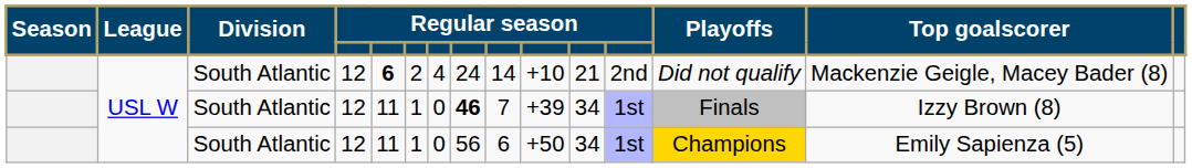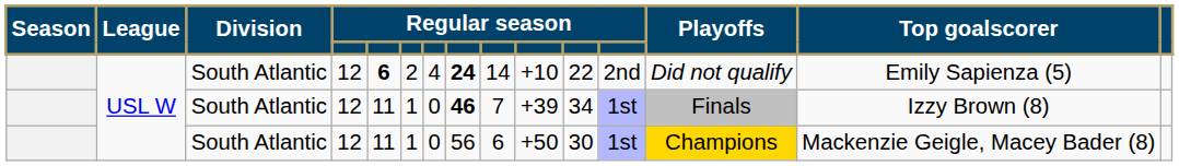 <table class="wikitable" style="text-align:center;">
 <tr>
 <th rowspan=2 style="background-color:#01426A; color:#fff; border:2px solid #B9A36A;" scope="col">Season</th>
 <th rowspan=2 style="background-color:#01426A; color:#fff; border:2px solid #B9A36A;" scope="col">League</th>
 <th rowspan=2 style="background-color:#01426A; color:#fff; border:2px solid #B9A36A;" scope="col">Division</th>
 <th colspan=9 style="background-color:#01426A; color:#fff; border:2px solid #B9A36A;" scope="colgroup">Regular season</th>
 <th rowspan=2 style="background-color:#01426A; color:#fff; border:2px solid #B9A36A;" scope="col">Playoffs</th>
 <th rowspan=2 style="background-color:#01426A; color:#fff; border:2px solid #B9A36A;" scope="col">Top goalscorer</th>
 <th rowspan=2 style="background-color:#01426A; color:#fff; border:2px solid #B9A36A;" scope="col"></th>
 </tr>
 <tr>
 <th style="background-color:#01426A; color:#fff; border:2px solid #B9A36A;" scope="col"></th>
 <th style="background-color:#01426A; color:#fff; border:2px solid #B9A36A;" scope="col"></th>
 <th style="background-color:#01426A; color:#fff; border:2px solid #B9A36A;" scope="col"></th>
 <th style="background-color:#01426A; color:#fff; border:2px solid #B9A36A;" scope="col"></th>
 <th style="background-color:#01426A; color:#fff; border:2px solid #B9A36A;" scope="col"></th>
 <th style="background-color:#01426A; color:#fff; border:2px solid #B9A36A;" scope="col"></th>
 <th style="background-color:#01426A; color:#fff; border:2px solid #B9A36A;" scope="col"></th>
 <th style="background-color:#01426A; color:#fff; border:2px solid #B9A36A;" scope="col"></th>
 <th style="background-color:#01426A; color:#fff; border:2px solid #B9A36A;" scope="col"></th>
 </tr>
 <tr>
 <th scope="row"></th>
 <td rowspan=3><a href='#'>USL W</a></td>
 <td>South Atlantic</td>
 <td>12</td>
 <td><strong>6</strong></td>
 <td>2</td>
 <td>4</td>
-<td>24</td>
+<td><strong>24</strong></td>
 <td>14</td>
 <td>+10</td>
-<td>21</td>
+<td>22</td>
 <td>2nd</td>
 <td><em>Did not qualify</em></td>
-<td>Mackenzie Geigle, Macey Bader (8)</td>
+<td>Emily Sapienza (5)</td>
 <td></td>
 </tr>
 <tr>
 <th scope="row"></th>
 <td>South Atlantic</td>
 <td>12</td>
 <td>11</td>
 <td>1</td>
 <td>0</td>
 <td><strong>46</strong></td>
 <td>7</td>
 <td>+39</td>
 <td>34</td>
 <td bgcolor="B3B7FF">1st</td>
 <td bgcolor=silver>Finals</td>
 <td>Izzy Brown (8)</td>
 <td></td>
 </tr>
 <tr>
 <th scope="row"></th>
 <td>South Atlantic</td>
 <td>12</td>
 <td>11</td>
 <td>1</td>
 <td>0</td>
 <td>56</td>
 <td>6</td>
 <td>+50</td>
-<td>34</td>
+<td>30</td>
 <td bgcolor="B3B7FF">1st</td>
 <td bgcolor=gold>Champions</td>
-<td>Emily Sapienza (5)</td>
+<td>Mackenzie Geigle, Macey Bader (8)</td>
 <td></td>
 </tr>
 </table>
